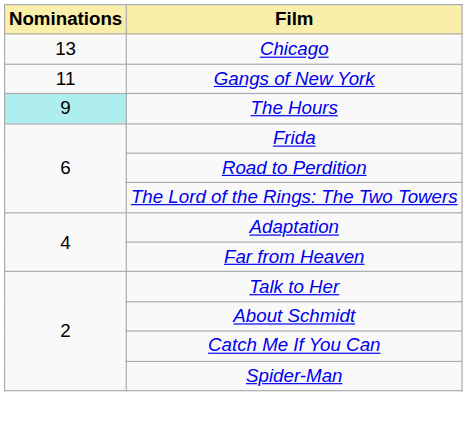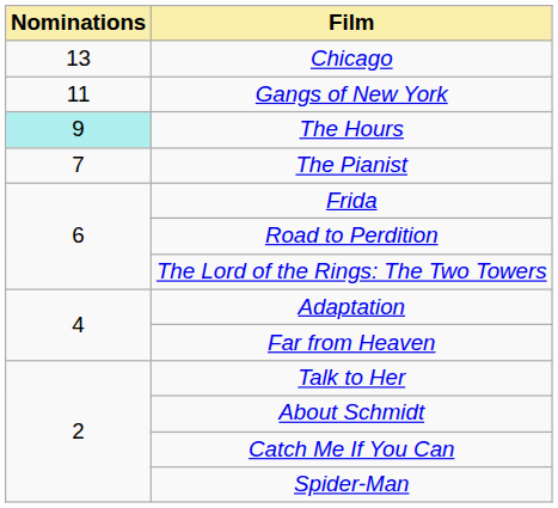 <table class="wikitable plainrowheaders" style="text-align: center;">
 <tr>
 <th style="background-color:#F9EFAA;">Nominations</th>
 <th style="background-color:#F9EFAA;">Film</th>
 </tr>
 <tr>
 <td>13</td>
 <td><em><a href='#'>Chicago</a></em></td>
 </tr>
 <tr>
 <td>11</td>
 <td><em><a href='#'>Gangs of New York</a></em></td>
 </tr>
 <tr>
 <td style="background: paleturquoise;">9</td>
 <td><em><a href='#'>The Hours</a></em></td>
+</tr>
+<tr>
+<td>7</td>
+<td><em><a href='#'>The Pianist</a></em></td>
 </tr>
 <tr>
 <td rowspan=3>6</td>
 <td><em><a href='#'>Frida</a></em></td>
 </tr>
 <tr>
 <td><em><a href='#'>Road to Perdition</a></em></td>
 </tr>
 <tr>
 <td><em><a href='#'>The Lord of the Rings: The Two Towers</a></em></td>
 </tr>
 <tr>
 <td rowspan=2>4</td>
 <td><em><a href='#'>Adaptation</a></em></td>
 </tr>
 <tr>
 <td><em><a href='#'>Far from Heaven</a></em></td>
 </tr>
 <tr>
 <td rowspan=4>2</td>
 <td><em><a href='#'>Talk to Her</a></em></td>
 </tr>
 <tr>
 <td><em><a href='#'>About Schmidt</a></em></td>
 </tr>
 <tr>
 <td><em><a href='#'>Catch Me If You Can</a></em></td>
 </tr>
 <tr>
 <td><em><a href='#'>Spider-Man</a></em></td>
 </tr>
 </table>
